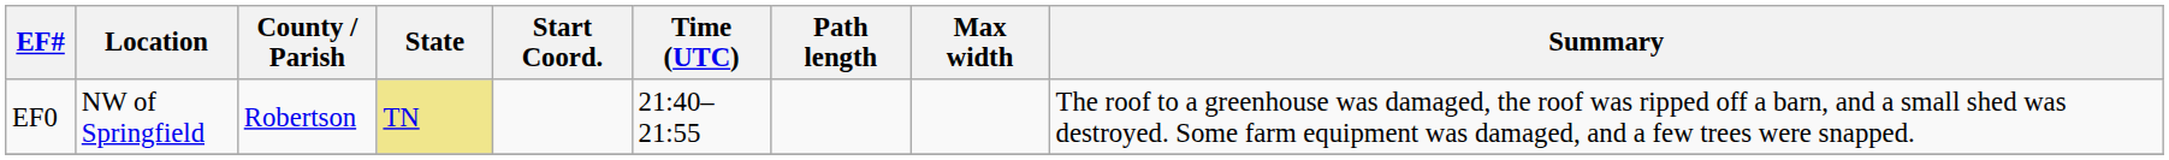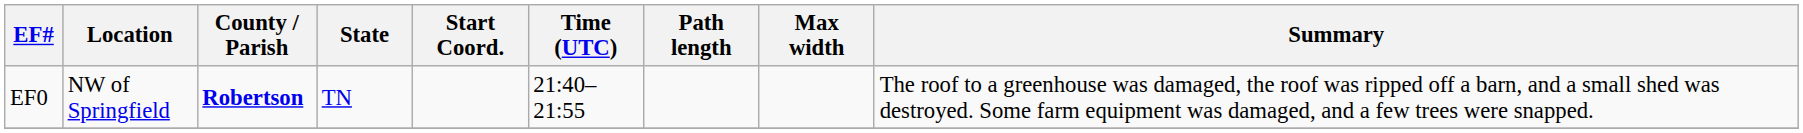 <table class="wikitable sortable" style="width:100%;">
 <tr>
 <th scope="col" width="3%" align="center"><a href='#'>EF#</a></th>
 <th scope="col" width="7%" align="center" class="unsortable">Location</th>
 <th scope="col" width="6%" align="center" class="unsortable">County / Parish</th>
 <th scope="col" width="5%" align="center">State</th>
 <th scope="col" width="6%" align="center">Start Coord.</th>
 <th scope="col" width="6%" align="center">Time (<a href='#'>UTC</a>)</th>
 <th scope="col" width="6%" align="center">Path length</th>
 <th scope="col" width="6%" align="center">Max width</th>
 <th scope="col" width="48%" class="unsortable" align="center">Summary</th>
 </tr>
 <tr>
 <td>EF0</td>
 <td>NW of <a href='#'>Springfield</a></td>
-<td><a href='#'>Robertson</a></td>
-<td style="background: khaki;"><a href='#'>TN</a></td>
+<td><strong><a href='#'>Robertson</a></strong></td>
+<td><a href='#'>TN</a></td>
 <td></td>
 <td>21:40–21:55</td>
 <td></td>
 <td></td>
 <td>The roof to a greenhouse was damaged, the roof was ripped off a barn, and a small shed was destroyed. Some farm equipment was damaged, and a few trees were snapped.</td>
 </tr>
 <tr>
 </tr>
 </table>
